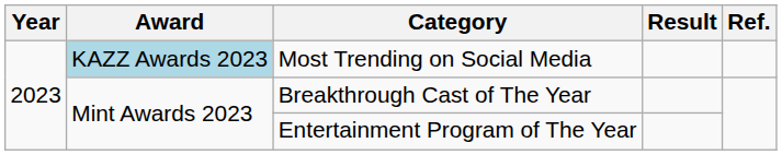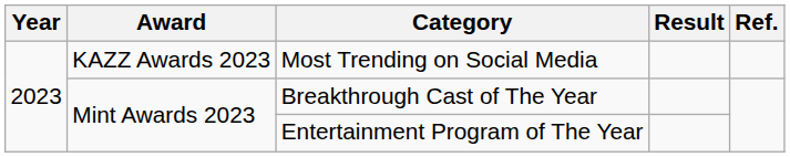 <table class="wikitable">
 <tr>
 <th scope="col">Year</th>
 <th scope="col">Award</th>
 <th scope="col">Category</th>
 <th scope="col">Result</th>
 <th scope="col">Ref.</th>
 </tr>
 <tr>
 <td rowspan="3">2023</td>
-<td style="background: lightblue;">KAZZ Awards 2023</td>
+<td>KAZZ Awards 2023</td>
 <td>Most Trending on Social Media</td>
 <td></td>
 <td></td>
 </tr>
 <tr>
 <td rowspan="2">Mint Awards 2023</td>
 <td>Breakthrough Cast of The Year</td>
 <td></td>
 <td rowspan="2"></td>
 </tr>
 <tr>
 <td>Entertainment Program of The Year</td>
 <td></td>
 </tr>
 </table>
